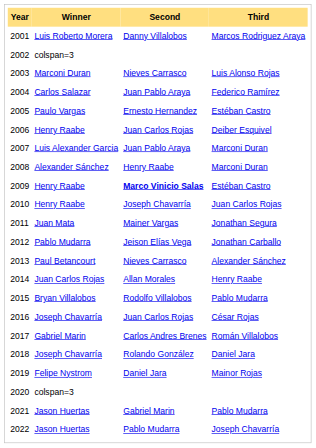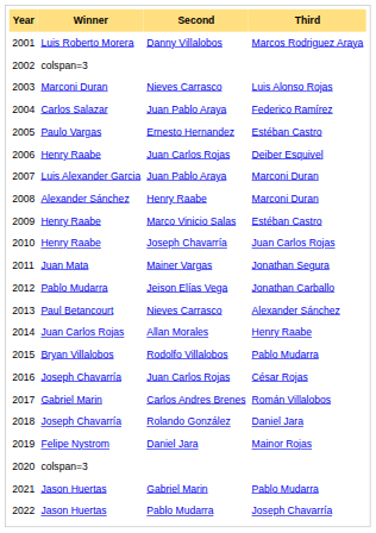 <table cellpadding="4" cellspacing="0"  style="border: 1px solid silver; color: black; margin: 0 0 0.5em 0; background-color: white; padding: 5px; text-align: left; font-size:85%; vertical-align: top; line-height:1.6em;">
 <tr>
 <th scope=col; align="center" bgcolor="FFDF80">Year</th>
 <th scope=col; align="center" bgcolor="FFDF80">Winner</th>
 <th scope=col; align="center" bgcolor="FFDF80">Second</th>
 <th scope=col; align="center" bgcolor="FFDF80">Third</th>
 </tr>
 <tr>
 <td>2001</td>
 <td><a href='#'>Luis Roberto Morera</a></td>
 <td><a href='#'>Danny Villalobos</a></td>
 <td><a href='#'>Marcos Rodriguez Araya</a></td>
 </tr>
 <tr>
 <td>2002</td>
 <td>colspan=3 </td>
 </tr>
 <tr>
 <td>2003</td>
 <td><a href='#'>Marconi Duran</a></td>
 <td><a href='#'>Nieves Carrasco</a></td>
 <td><a href='#'>Luis Alonso Rojas</a></td>
 </tr>
 <tr>
 <td>2004</td>
 <td><a href='#'>Carlos Salazar</a></td>
 <td><a href='#'>Juan Pablo Araya</a></td>
 <td><a href='#'>Federico Ramírez</a></td>
 </tr>
 <tr>
 <td>2005</td>
 <td><a href='#'>Paulo Vargas</a></td>
 <td><a href='#'>Ernesto Hernandez</a></td>
 <td><a href='#'>Estéban Castro</a></td>
 </tr>
 <tr>
 <td>2006</td>
 <td><a href='#'>Henry Raabe</a></td>
 <td><a href='#'>Juan Carlos Rojas</a></td>
 <td><a href='#'>Deiber Esquivel</a></td>
 </tr>
 <tr>
 <td>2007</td>
 <td><a href='#'>Luis Alexander Garcia</a></td>
 <td><a href='#'>Juan Pablo Araya</a></td>
 <td><a href='#'>Marconi Duran</a></td>
 </tr>
 <tr>
 <td>2008</td>
 <td><a href='#'>Alexander Sánchez</a></td>
 <td><a href='#'>Henry Raabe</a></td>
 <td><a href='#'>Marconi Duran</a></td>
 </tr>
 <tr>
 <td>2009</td>
 <td><a href='#'>Henry Raabe</a></td>
-<td><strong><a href='#'>Marco Vinicio Salas</a></strong></td>
+<td><a href='#'>Marco Vinicio Salas</a></td>
 <td><a href='#'>Estéban Castro</a></td>
 </tr>
 <tr>
 <td>2010</td>
 <td><a href='#'>Henry Raabe</a></td>
 <td><a href='#'>Joseph Chavarría</a></td>
 <td><a href='#'>Juan Carlos Rojas</a></td>
 </tr>
 <tr>
 <td>2011</td>
 <td><a href='#'>Juan Mata</a></td>
 <td><a href='#'>Mainer Vargas</a></td>
 <td><a href='#'>Jonathan Segura</a></td>
 </tr>
 <tr>
 <td>2012</td>
 <td><a href='#'>Pablo Mudarra</a></td>
 <td><a href='#'>Jeison Elías Vega</a></td>
 <td><a href='#'>Jonathan Carballo</a></td>
 </tr>
 <tr>
 <td>2013</td>
 <td><a href='#'>Paul Betancourt</a></td>
 <td><a href='#'>Nieves Carrasco</a></td>
 <td><a href='#'>Alexander Sánchez</a></td>
 </tr>
 <tr>
 <td>2014</td>
 <td><a href='#'>Juan Carlos Rojas</a></td>
 <td><a href='#'>Allan Morales</a></td>
 <td><a href='#'>Henry Raabe</a></td>
 </tr>
 <tr>
 <td>2015</td>
 <td><a href='#'>Bryan Villalobos</a></td>
 <td><a href='#'>Rodolfo Villalobos</a></td>
 <td><a href='#'>Pablo Mudarra</a></td>
 </tr>
 <tr>
 <td>2016</td>
 <td><a href='#'>Joseph Chavarría</a></td>
 <td><a href='#'>Juan Carlos Rojas</a></td>
 <td><a href='#'>César Rojas</a></td>
 </tr>
 <tr>
 <td>2017</td>
 <td><a href='#'>Gabriel Marin</a></td>
 <td><a href='#'>Carlos Andres Brenes</a></td>
 <td><a href='#'>Román Villalobos</a></td>
 </tr>
 <tr>
 <td>2018</td>
 <td><a href='#'>Joseph Chavarría</a></td>
 <td><a href='#'>Rolando González</a></td>
 <td><a href='#'>Daniel Jara</a></td>
 </tr>
 <tr>
 <td>2019</td>
 <td><a href='#'>Felipe Nystrom</a></td>
 <td><a href='#'>Daniel Jara</a></td>
 <td><a href='#'>Mainor Rojas</a></td>
 </tr>
 <tr>
 <td>2020</td>
 <td>colspan=3 </td>
 </tr>
 <tr>
 <td>2021</td>
 <td><a href='#'>Jason Huertas</a></td>
 <td><a href='#'>Gabriel Marin</a></td>
 <td><a href='#'>Pablo Mudarra</a></td>
 </tr>
 <tr>
 <td>2022</td>
 <td><a href='#'>Jason Huertas</a></td>
 <td><a href='#'>Pablo Mudarra</a></td>
 <td><a href='#'>Joseph Chavarría</a></td>
 </tr>
 </table>
